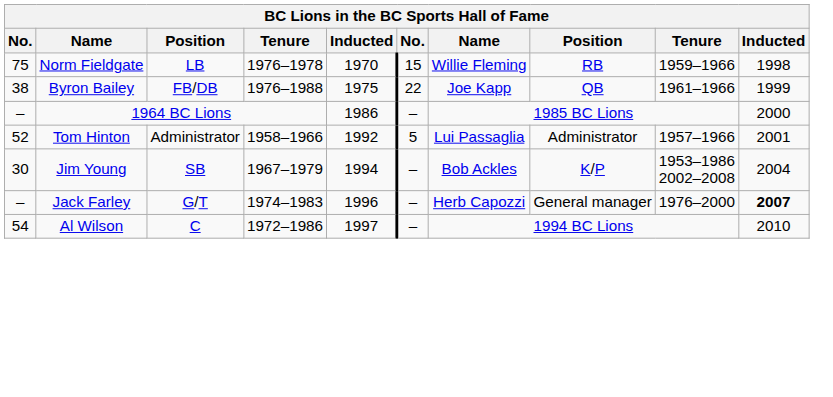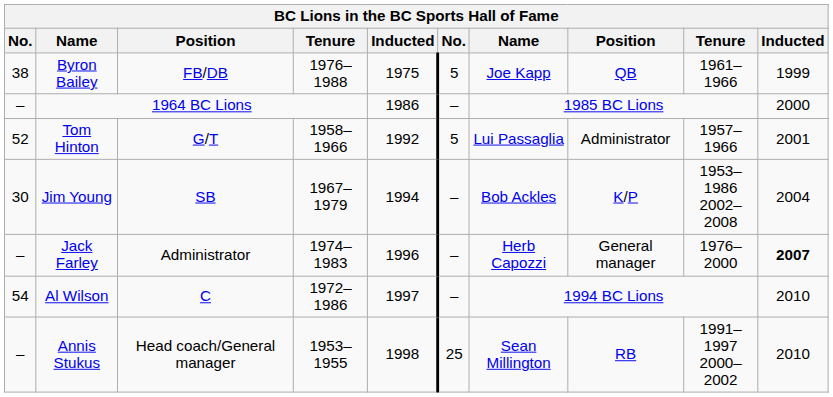 <table class="wikitable" style="text-align:center">
 <tr>
 <th colspan="10"><strong>BC Lions in the BC Sports Hall of Fame</strong></th>
 </tr>
 <tr>
 <th>No.</th>
 <th>Name</th>
 <th>Position</th>
 <th>Tenure</th>
 <th>Inducted</th>
 <th>No.</th>
 <th>Name</th>
 <th>Position</th>
 <th>Tenure</th>
 <th>Inducted</th>
 </tr>
 <tr>
-<td>75</td>
-<td><a href='#'>Norm Fieldgate</a></td>
-<td><a href='#'>LB</a></td>
-<td>1976–1978</td>
-<td align=center style="border-right:3px solid ">1970</td>
-<td>15</td>
-<td><a href='#'>Willie Fleming</a></td>
-<td><a href='#'>RB</a></td>
-<td>1959–1966</td>
-<td align=center;>1998</td>
-</tr>
-<tr>
 <td>38</td>
 <td><a href='#'>Byron Bailey</a></td>
 <td><a href='#'>FB</a>/<a href='#'>DB</a></td>
 <td>1976–1988</td>
 <td align=center style="border-right:3px solid ">1975</td>
-<td>22</td>
+<td>5</td>
 <td><a href='#'>Joe Kapp</a></td>
 <td><a href='#'>QB</a></td>
 <td>1961–1966</td>
 <td>1999</td>
 </tr>
 <tr>
 <td>–</td>
 <td colspan=3><a href='#'>1964 BC Lions</a></td>
 <td align=center style="border-right:3px solid ">1986</td>
 <td>–</td>
 <td colspan=3><a href='#'>1985 BC Lions</a></td>
 <td>2000</td>
 </tr>
 <tr>
 <td>52</td>
 <td><a href='#'>Tom Hinton</a></td>
-<td>Administrator</td>
+<td><a href='#'>G</a>/<a href='#'>T</a></td>
 <td>1958–1966</td>
 <td align=center style="border-right:3px solid ">1992</td>
 <td>5</td>
 <td><a href='#'>Lui Passaglia</a></td>
 <td>Administrator</td>
 <td>1957–1966</td>
 <td>2001</td>
 </tr>
 <tr>
 <td>30</td>
 <td><a href='#'>Jim Young</a></td>
 <td><a href='#'>SB</a></td>
 <td>1967–1979</td>
 <td align=center style="border-right:3px solid ">1994</td>
 <td>–</td>
 <td><a href='#'>Bob Ackles</a></td>
 <td><a href='#'>K</a>/<a href='#'>P</a></td>
 <td>1953–1986<br>2002–2008</td>
 <td>2004</td>
 </tr>
 <tr>
 <td>–</td>
 <td><a href='#'>Jack Farley</a></td>
-<td><a href='#'>G</a>/<a href='#'>T</a></td>
+<td>Administrator</td>
 <td>1974–1983</td>
 <td align=center style="border-right:3px solid ">1996</td>
 <td>–</td>
 <td><a href='#'>Herb Capozzi</a></td>
 <td>General manager</td>
 <td>1976–2000</td>
 <td><strong>2007</strong></td>
 </tr>
 <tr>
 <td>54</td>
 <td><a href='#'>Al Wilson</a></td>
 <td><a href='#'>C</a></td>
 <td>1972–1986</td>
 <td align=center style="border-right:3px solid ">1997</td>
 <td>–</td>
 <td colspan=3><a href='#'>1994 BC Lions</a></td>
 <td>2010</td>
 </tr>
+<tr>
+<td>–</td>
+<td><a href='#'>Annis Stukus</a></td>
+<td>Head coach/General manager</td>
+<td>1953–1955</td>
+<td align=center style="border-right:3px solid ">1998</td>
+<td>25</td>
+<td><a href='#'>Sean Millington</a></td>
+<td><a href='#'>RB</a></td>
+<td>1991–1997<br>2000–2002</td>
+<td>2010</td>
+</tr>
 </table>
